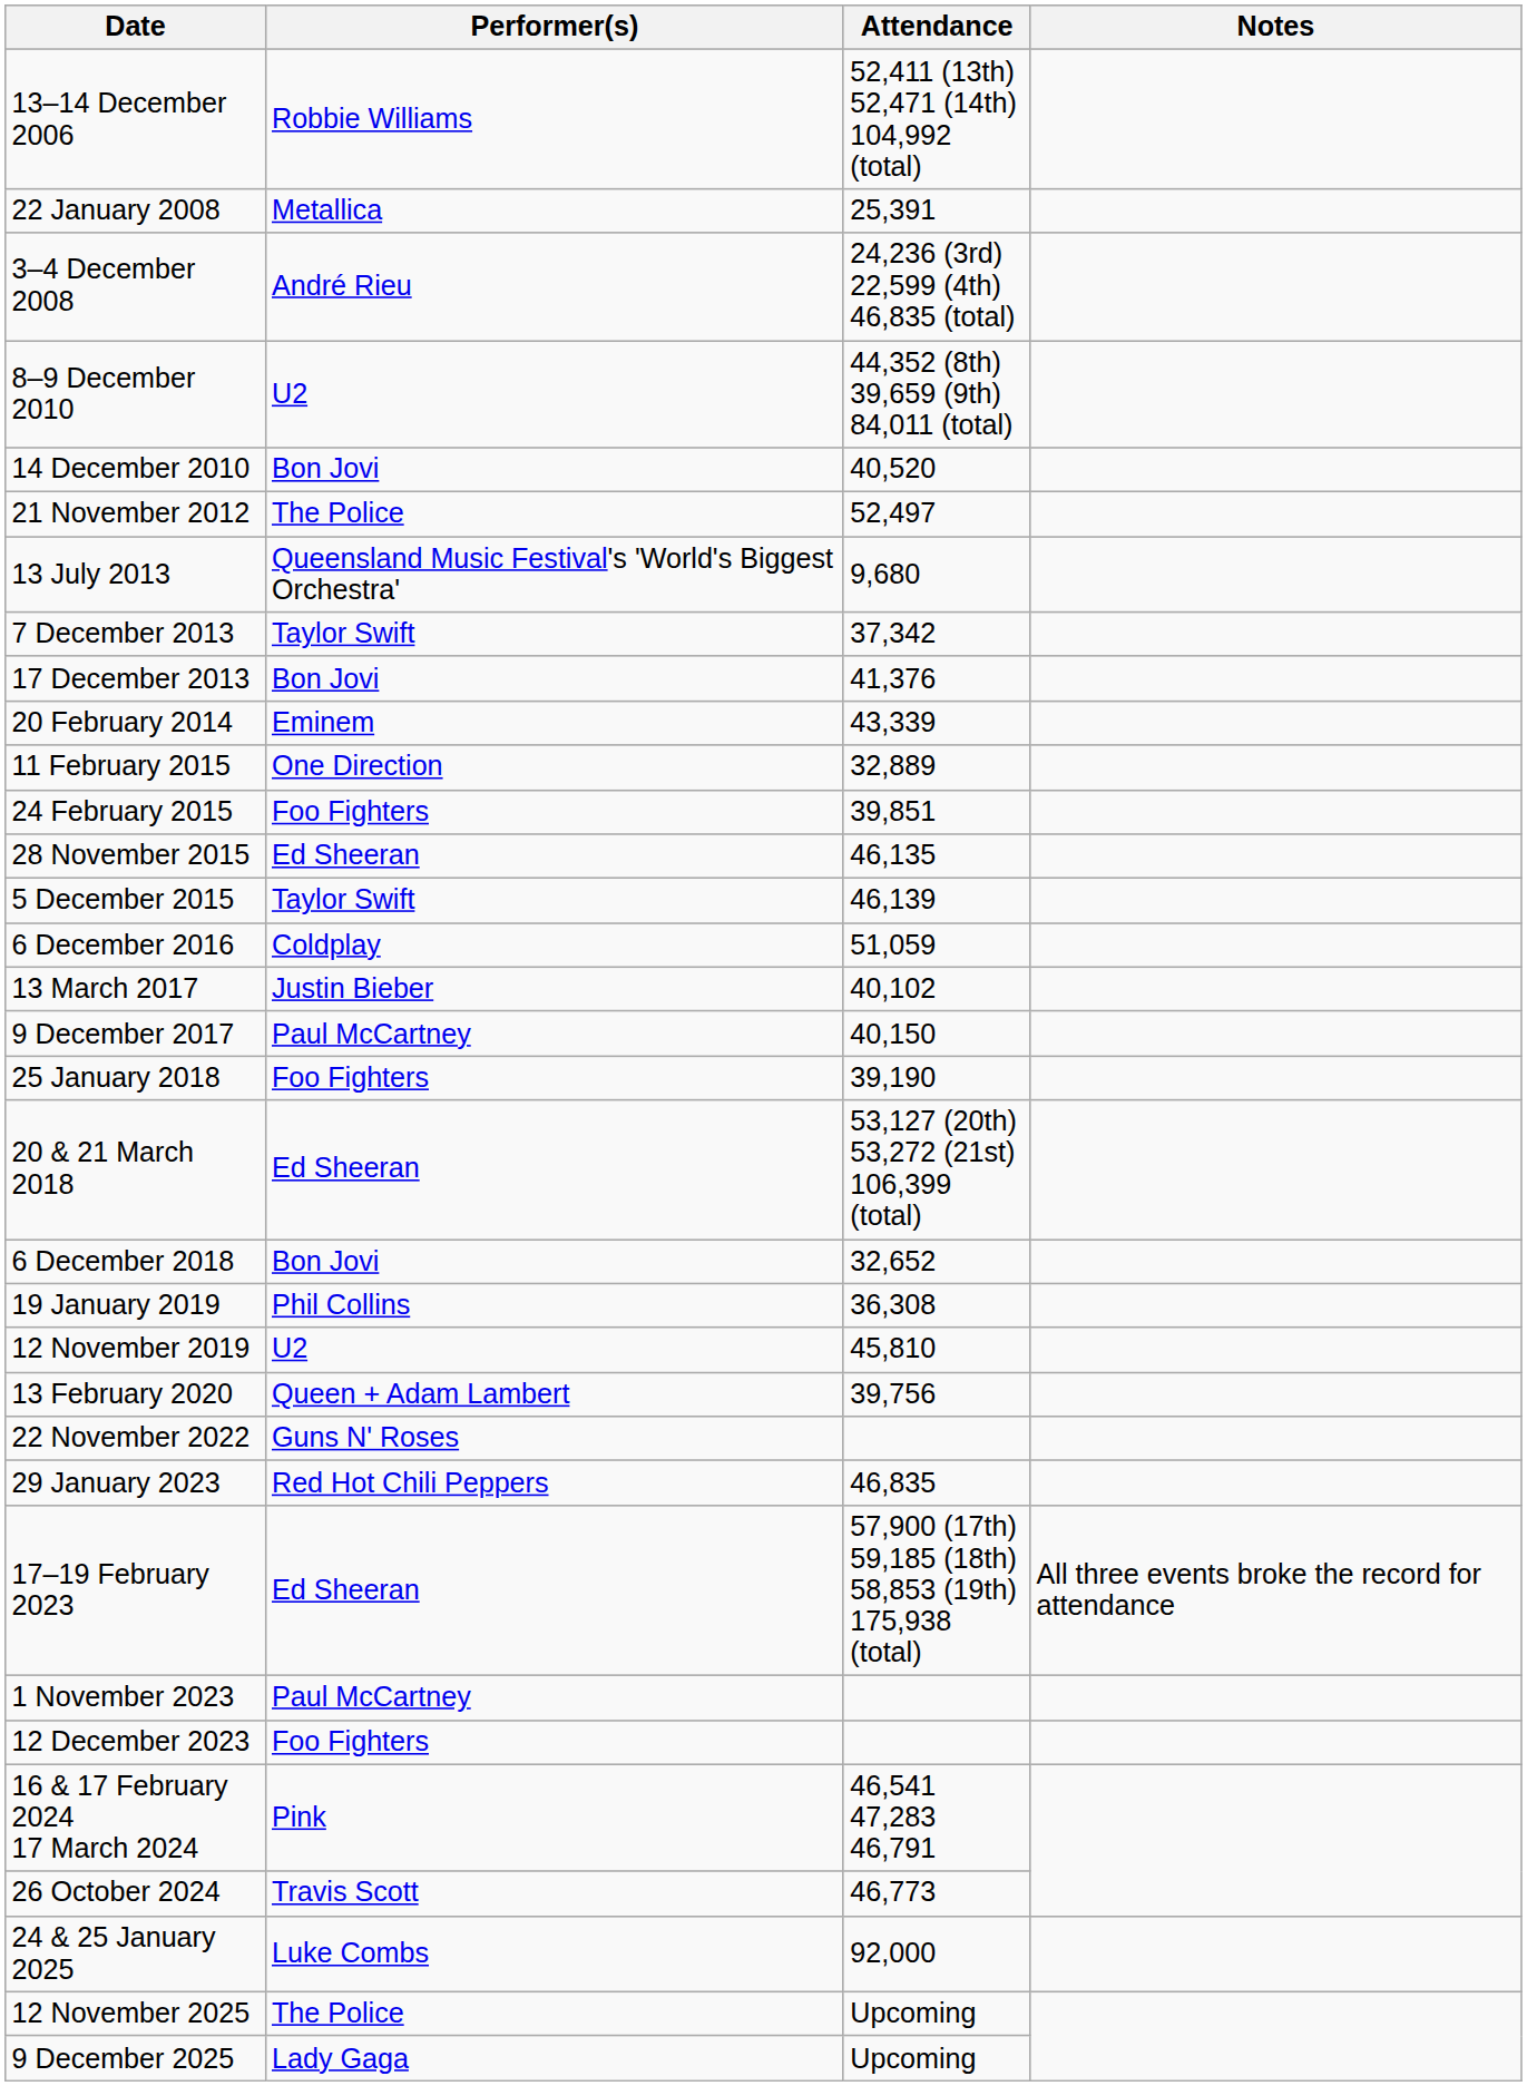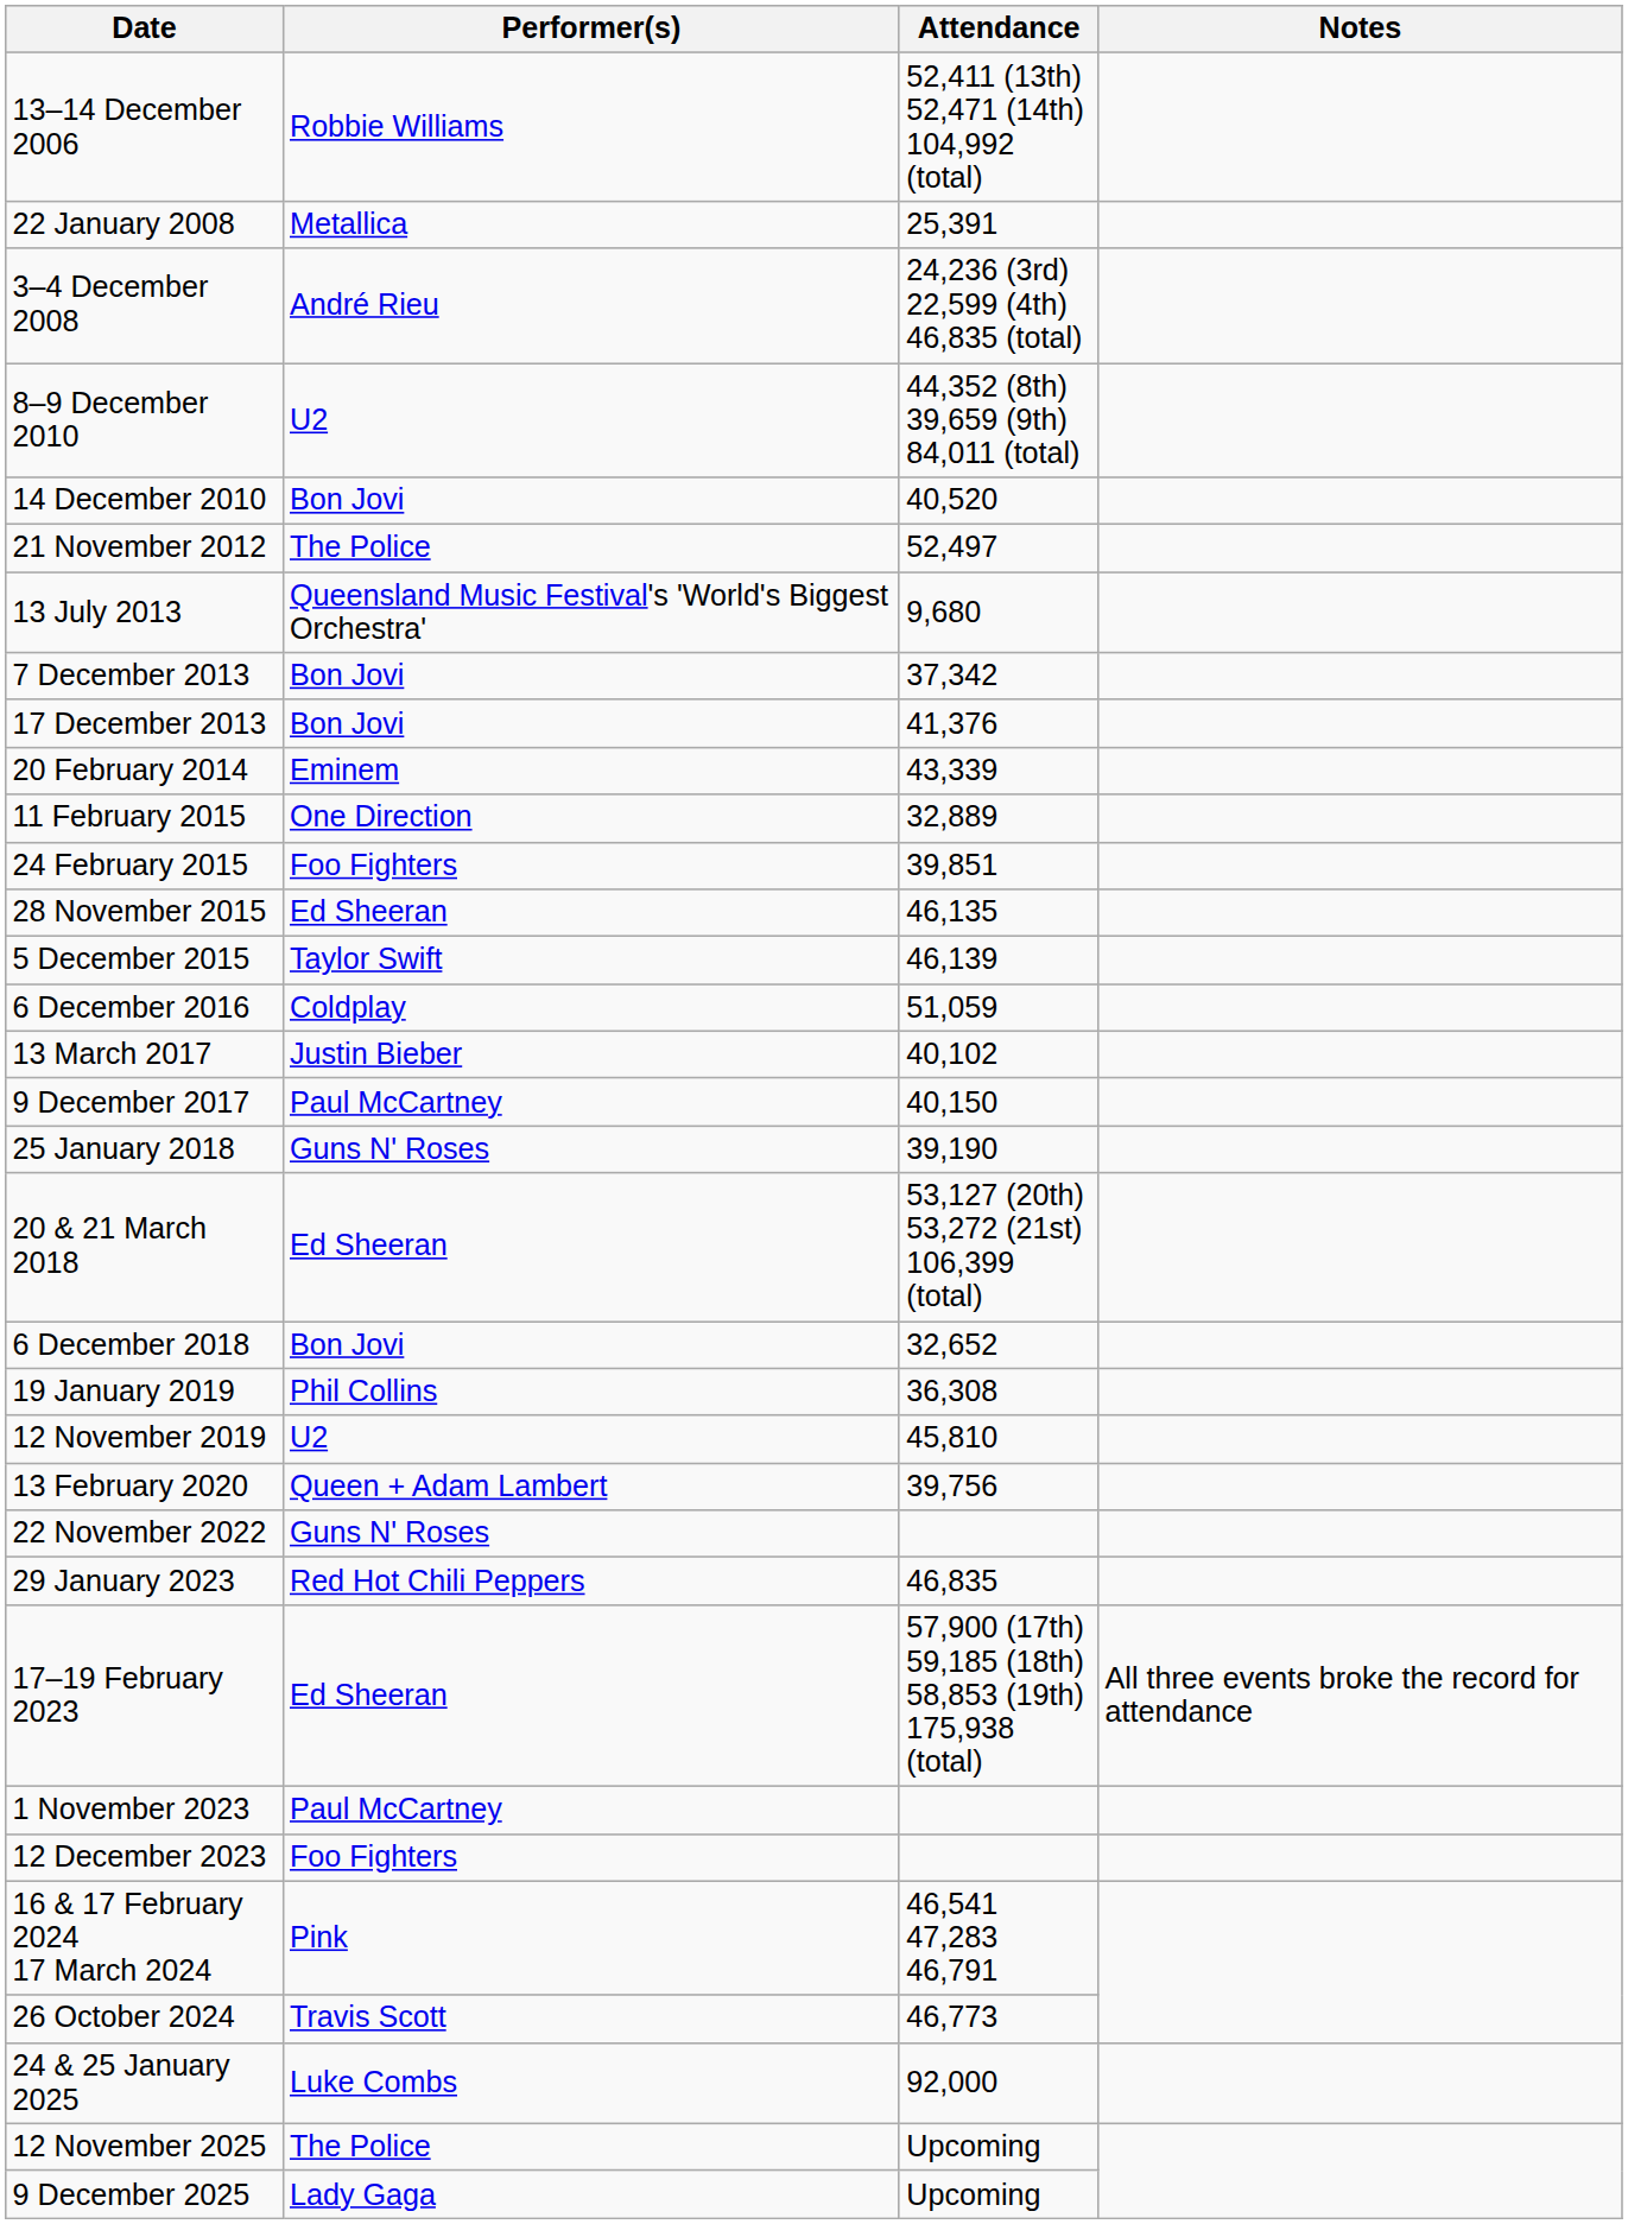 <table class="wikitable sortable">
 <tr>
 <th>Date</th>
 <th>Performer(s)</th>
 <th>Attendance</th>
 <th>Notes</th>
 </tr>
 <tr>
 <td style="text-align: left;">13–14 December 2006</td>
 <td style="text-align: left;"><a href='#'>Robbie Williams</a></td>
 <td style="text-align: left;">52,411 (13th)<br>52,471 (14th)<br>104,992 (total)</td>
 <td></td>
 </tr>
 <tr>
 <td style="text-align: left;">22 January 2008</td>
 <td><a href='#'>Metallica</a></td>
 <td style="text-align: left;">25,391</td>
 <td></td>
 </tr>
 <tr>
 <td style="text-align: left;">3–4 December 2008</td>
 <td style="text-align: left;"><a href='#'>André Rieu</a></td>
 <td style="text-align: left;">24,236 (3rd)<br>22,599 (4th)<br>46,835 (total)</td>
 <td></td>
 </tr>
 <tr>
 <td style="text-align: left;">8–9 December 2010</td>
 <td style="text-align: left;"><a href='#'>U2</a></td>
 <td style="text-align: left;">44,352 (8th)<br>39,659 (9th)<br>84,011 (total)</td>
 <td></td>
 </tr>
 <tr>
 <td style="text-align: left;">14 December 2010</td>
 <td style="text-align: left;"><a href='#'>Bon Jovi</a></td>
 <td style="text-align: left;">40,520</td>
 <td></td>
 </tr>
 <tr>
 <td style="text-align: left;">21 November 2012</td>
 <td style="text-align: left;"><a href='#'>The Police</a></td>
 <td style="text-align: left;">52,497</td>
 <td></td>
 </tr>
 <tr>
 <td>13 July 2013</td>
 <td><a href='#'>Queensland Music Festival</a>'s 'World's Biggest Orchestra'</td>
 <td>9,680</td>
 <td></td>
 </tr>
 <tr>
 <td style="text-align: left;">7 December 2013</td>
-<td style="text-align: left;"><a href='#'>Taylor Swift</a></td>
+<td style="text-align: left;"><a href='#'>Bon Jovi</a></td>
 <td style="text-align: left;">37,342</td>
 <td></td>
 </tr>
 <tr>
 <td style="text-align: left;">17 December 2013</td>
 <td style="text-align: left;"><a href='#'>Bon Jovi</a></td>
 <td style="text-align: left;">41,376</td>
 <td></td>
 </tr>
 <tr>
 <td style="text-align: left;">20 February 2014</td>
 <td style="text-align: left;"><a href='#'>Eminem</a></td>
 <td style="text-align: left;">43,339</td>
 <td></td>
 </tr>
 <tr>
 <td style="text-align: left;">11 February 2015</td>
 <td style="text-align: left;"><a href='#'>One Direction</a></td>
 <td style="text-align: left;">32,889</td>
 <td></td>
 </tr>
 <tr>
 <td style="text-align: left;">24 February 2015</td>
 <td style="text-align: left;"><a href='#'>Foo Fighters</a></td>
 <td style="text-align: left;">39,851</td>
 <td></td>
 </tr>
 <tr>
 <td style="text-align: left;">28 November 2015</td>
 <td style="text-align: left;"><a href='#'>Ed Sheeran</a></td>
 <td style="text-align: left;">46,135</td>
 <td></td>
 </tr>
 <tr>
 <td style="text-align: left;">5 December 2015</td>
 <td style="text-align: left;"><a href='#'>Taylor Swift</a></td>
 <td style="text-align: left;">46,139</td>
 <td></td>
 </tr>
 <tr>
 <td style="text-align: left;">6 December 2016</td>
 <td style="text-align: left;"><a href='#'>Coldplay</a></td>
 <td style="text-align: left;">51,059</td>
 <td></td>
 </tr>
 <tr>
 <td style="text-align: left;">13 March 2017</td>
 <td style="text-align: left;"><a href='#'>Justin Bieber</a></td>
 <td style="text-align: left;">40,102</td>
 <td></td>
 </tr>
 <tr>
 <td style="text-align: left;">9 December 2017</td>
 <td style="text-align: left;"><a href='#'>Paul McCartney</a></td>
 <td style="text-align: left;">40,150</td>
 <td></td>
 </tr>
 <tr>
 <td style="text-align: left;">25 January 2018</td>
-<td style="text-align: left;"><a href='#'>Foo Fighters</a></td>
+<td style="text-align: left;"><a href='#'>Guns N' Roses</a></td>
 <td style="text-align: left;">39,190</td>
 <td></td>
 </tr>
 <tr>
 <td style="text-align: left;">20 & 21 March 2018</td>
 <td style="text-align: left;"><a href='#'>Ed Sheeran</a></td>
 <td style="text-align: left;">53,127 (20th)<br>53,272 (21st)<br>106,399 (total)</td>
 <td></td>
 </tr>
 <tr>
 <td style="text-align: left;">6 December 2018</td>
 <td style="text-align: left;"><a href='#'>Bon Jovi</a></td>
 <td style="text-align: left;">32,652</td>
 <td></td>
 </tr>
 <tr>
 <td style="text-align: left;">19 January 2019</td>
 <td style="text-align: left;"><a href='#'>Phil Collins</a></td>
 <td style="text-align: left;">36,308</td>
 <td></td>
 </tr>
 <tr>
 <td style="text-align: left;">12 November 2019</td>
 <td style="text-align: left;"><a href='#'>U2</a></td>
 <td style="text-align: left;">45,810</td>
 <td></td>
 </tr>
 <tr>
 <td style="text-align: left;">13 February 2020</td>
 <td style="text-align: left;"><a href='#'>Queen + Adam Lambert</a></td>
 <td style="text-align: left;">39,756</td>
 <td></td>
 </tr>
 <tr>
 <td style="text-align: left;">22 November 2022</td>
 <td style="text-align: left;"><a href='#'>Guns N' Roses</a></td>
 <td style="text-align: left;"></td>
 <td></td>
 </tr>
 <tr>
 <td style="text-align: left;">29 January 2023</td>
 <td style="text-align: left;"><a href='#'>Red Hot Chili Peppers</a></td>
 <td style="text-align: left;">46,835</td>
 <td></td>
 </tr>
 <tr>
 <td style="text-align: left;">17–19 February 2023</td>
 <td style="text-align: left;"><a href='#'>Ed Sheeran</a></td>
 <td style="text-align: left;">57,900 (17th)<br>59,185 (18th)<br>58,853 (19th)<br>175,938 (total)</td>
 <td>All three events broke the record for attendance</td>
 </tr>
 <tr>
 <td>1 November 2023</td>
 <td><a href='#'>Paul McCartney</a></td>
 <td></td>
 <td></td>
 </tr>
 <tr>
 <td>12 December 2023</td>
 <td><a href='#'>Foo Fighters</a></td>
 <td></td>
 <td></td>
 </tr>
 <tr>
 <td>16 & 17 February 2024<br>17 March 2024</td>
 <td><a href='#'>Pink</a></td>
 <td>46,541<br>47,283 46,791</td>
 <td rowspan="2"></td>
 </tr>
 <tr>
 <td>26 October 2024</td>
 <td><a href='#'>Travis Scott</a></td>
 <td>46,773</td>
 </tr>
 <tr>
 <td>24 & 25 January 2025</td>
 <td><a href='#'>Luke Combs</a></td>
 <td>92,000</td>
 <td></td>
 </tr>
 <tr>
 <td>12 November 2025</td>
 <td style="text-align: left;"><a href='#'>The Police</a></td>
 <td>Upcoming</td>
 <td rowspan="2"></td>
 </tr>
 <tr>
 <td>9 December 2025</td>
 <td><a href='#'>Lady Gaga</a></td>
 <td>Upcoming</td>
 </tr>
 </table>
